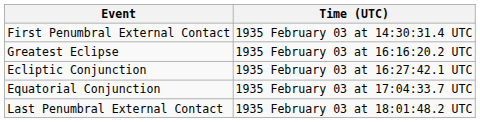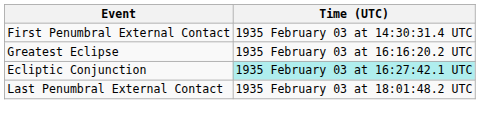 <table class="wikitable">
 <tr>
 <th>Event</th>
 <th>Time (UTC)</th>
 </tr>
 <tr>
 <td>First Penumbral External Contact</td>
 <td>1935 February 03 at 14:30:31.4 UTC</td>
 </tr>
 <tr>
 <td>Greatest Eclipse</td>
 <td>1935 February 03 at 16:16:20.2 UTC</td>
 </tr>
 <tr>
 <td>Ecliptic Conjunction</td>
-<td>1935 February 03 at 16:27:42.1 UTC</td>
-</tr>
-<tr>
-<td>Equatorial Conjunction</td>
-<td>1935 February 03 at 17:04:33.7 UTC</td>
+<td style="background: paleturquoise;">1935 February 03 at 16:27:42.1 UTC</td>
 </tr>
 <tr>
 <td>Last Penumbral External Contact</td>
 <td>1935 February 03 at 18:01:48.2 UTC</td>
 </tr>
 </table>
